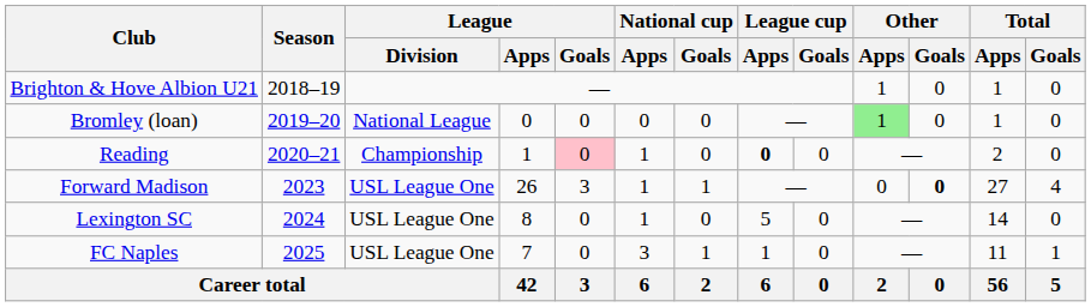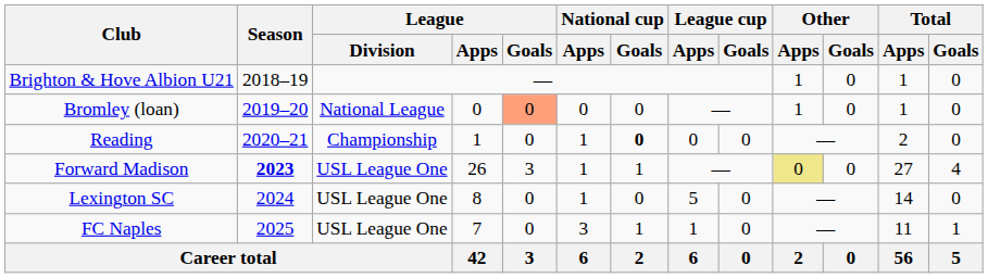 <table class="wikitable" style="text-align: center;">
 <tr>
 <th rowspan="2">Club</th>
 <th rowspan="2">Season</th>
 <th colspan="3">League</th>
 <th colspan="2">National cup</th>
 <th colspan="2">League cup</th>
 <th colspan="2">Other</th>
 <th colspan="2">Total</th>
 </tr>
 <tr>
 <th>Division</th>
 <th>Apps</th>
 <th>Goals</th>
 <th>Apps</th>
 <th>Goals</th>
 <th>Apps</th>
 <th>Goals</th>
 <th>Apps</th>
 <th>Goals</th>
 <th>Apps</th>
 <th>Goals</th>
 </tr>
 <tr>
 <td><a href='#'>Brighton & Hove Albion U21</a></td>
 <td>2018–19</td>
 <td colspan="7">—</td>
 <td>1</td>
 <td>0</td>
 <td>1</td>
 <td 0>0</td>
 </tr>
 <tr>
 <td><a href='#'>Bromley</a> (loan)</td>
 <td><a href='#'>2019–20</a></td>
 <td><a href='#'>National League</a></td>
 <td>0</td>
-<td>0</td>
+<td style="background: lightsalmon;">0</td>
 <td>0</td>
 <td>0</td>
 <td colspan="2">—</td>
-<td style="background: lightgreen;">1</td>
+<td>1</td>
 <td>0</td>
 <td>1</td>
 <td>0</td>
 </tr>
 <tr>
 <td><a href='#'>Reading</a></td>
 <td><a href='#'>2020–21</a></td>
 <td><a href='#'>Championship</a></td>
 <td>1</td>
-<td style="background: pink;">0</td>
+<td>0</td>
 <td>1</td>
+<td><strong>0</strong></td>
 <td>0</td>
-<td><strong>0</strong></td>
 <td>0</td>
 <td colspan="2">—</td>
 <td>2</td>
 <td>0</td>
 </tr>
 <tr>
 <td><a href='#'>Forward Madison</a></td>
-<td><a href='#'>2023</a></td>
+<td><strong><a href='#'>2023</a></strong></td>
 <td><a href='#'>USL League One</a></td>
 <td>26</td>
 <td>3</td>
 <td>1</td>
 <td>1</td>
 <td colspan="2">—</td>
+<td style="background: khaki;">0</td>
 <td>0</td>
-<td><strong>0</strong></td>
 <td>27</td>
 <td>4</td>
 </tr>
 <tr>
 <td><a href='#'>Lexington SC</a></td>
 <td><a href='#'>2024</a></td>
 <td>USL League One</td>
 <td>8</td>
 <td>0</td>
 <td>1</td>
 <td>0</td>
 <td>5</td>
 <td>0</td>
 <td colspan="2">—</td>
 <td>14</td>
 <td>0</td>
 </tr>
 <tr>
 <td><a href='#'>FC Naples</a></td>
 <td><a href='#'>2025</a></td>
 <td>USL League One</td>
 <td>7</td>
 <td>0</td>
 <td>3</td>
 <td>1</td>
 <td>1</td>
 <td>0</td>
 <td colspan="2">—</td>
 <td>11</td>
 <td>1</td>
 </tr>
 <tr>
 <th colspan="3">Career total</th>
 <th>42</th>
 <th>3</th>
 <th>6</th>
 <th>2</th>
 <th>6</th>
 <th>0</th>
 <th>2</th>
 <th>0</th>
 <th>56</th>
 <th>5</th>
 </tr>
 </table>
